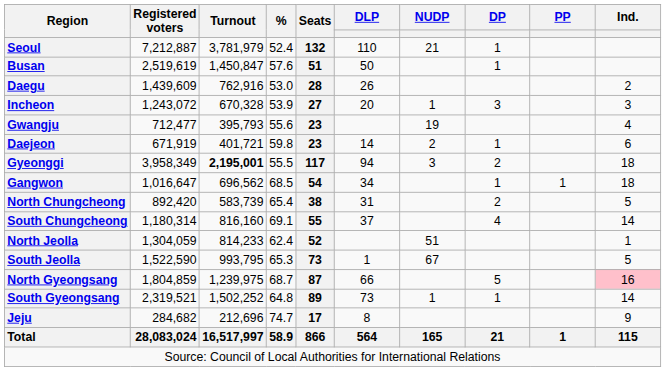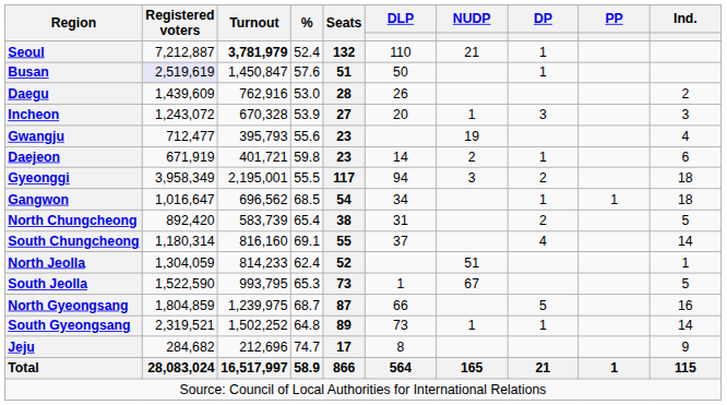 <table class="wikitable" style="text-align:center; font-size: 0.9em">
 <tr>
 <th rowspan="2">Region</th>
 <th rowspan="2" style="width:70px">Registered voters</th>
 <th rowspan="2" style="width:70px">Turnout</th>
 <th rowspan="2">%</th>
 <th rowspan="2">Seats</th>
 <th class="unsortable" style="width:70px"><a href='#'>DLP</a></th>
 <th class="unsortable" style="width:70px"><a href='#'>NUDP</a></th>
 <th class="unsortable" style="width:70px"><a href='#'>DP</a></th>
 <th class="unsortable" style="width:70px"><a href='#'>PP</a></th>
 <th class="unsortable" style="width:70px">Ind.</th>
 </tr>
 <tr>
 <th style="background:"></th>
 <th style="background:"></th>
 <th style="background:"></th>
 <th style="background:"></th>
 <th style="background:"></th>
 </tr>
 <tr>
 <th style="text-align: left"><a href='#'>Seoul</a></th>
 <td style="text-align: right">7,212,887</td>
-<td style="text-align: right">3,781,979</td>
+<td style="text-align: right"><strong>3,781,979</strong></td>
 <td>52.4</td>
 <th>132</th>
 <td>110</td>
 <td>21</td>
 <td>1</td>
 <td></td>
 <td></td>
 </tr>
 <tr>
 <th style="text-align: left"><a href='#'>Busan</a></th>
-<td style="text-align: right">2,519,619</td>
+<td style="background: lavender; text-align: right">2,519,619</td>
 <td style="text-align: right">1,450,847</td>
 <td>57.6</td>
 <th>51</th>
 <td>50</td>
 <td></td>
 <td>1</td>
 <td></td>
 <td></td>
 </tr>
 <tr>
 <th style="text-align: left"><a href='#'>Daegu</a></th>
 <td style="text-align: right">1,439,609</td>
 <td style="text-align: right">762,916</td>
 <td>53.0</td>
 <th>28</th>
 <td>26</td>
 <td></td>
 <td></td>
 <td></td>
 <td>2</td>
 </tr>
 <tr>
 <th style="text-align: left"><a href='#'>Incheon</a></th>
 <td style="text-align: right">1,243,072</td>
 <td style="text-align: right">670,328</td>
 <td>53.9</td>
 <th>27</th>
 <td>20</td>
 <td>1</td>
 <td>3</td>
 <td></td>
 <td>3</td>
 </tr>
 <tr>
 <th style="text-align: left"><a href='#'>Gwangju</a></th>
 <td style="text-align: right">712,477</td>
 <td style="text-align: right">395,793</td>
 <td>55.6</td>
 <th>23</th>
 <td></td>
 <td>19</td>
 <td></td>
 <td></td>
 <td>4</td>
 </tr>
 <tr>
 <th style="text-align: left"><a href='#'>Daejeon</a></th>
 <td style="text-align: right">671,919</td>
 <td style="text-align: right">401,721</td>
 <td>59.8</td>
 <th>23</th>
 <td>14</td>
 <td>2</td>
 <td>1</td>
 <td></td>
 <td>6</td>
 </tr>
 <tr>
 <th style="text-align: left"><a href='#'>Gyeonggi</a></th>
 <td style="text-align: right">3,958,349</td>
-<td style="text-align: right"><strong>2,195,001</strong></td>
+<td style="text-align: right">2,195,001</td>
 <td>55.5</td>
 <th>117</th>
 <td>94</td>
 <td>3</td>
 <td>2</td>
 <td></td>
 <td>18</td>
 </tr>
 <tr>
 <th style="text-align: left"><a href='#'>Gangwon</a></th>
 <td style="text-align: right">1,016,647</td>
 <td style="text-align: right">696,562</td>
 <td>68.5</td>
 <th>54</th>
 <td>34</td>
 <td></td>
 <td>1</td>
 <td>1</td>
 <td>18</td>
 </tr>
 <tr>
 <th style="text-align: left"><a href='#'>North Chungcheong</a></th>
 <td style="text-align: right">892,420</td>
 <td style="text-align: right">583,739</td>
 <td>65.4</td>
 <th>38</th>
 <td>31</td>
 <td></td>
 <td>2</td>
 <td></td>
 <td>5</td>
 </tr>
 <tr>
 <th style="text-align: left"><a href='#'>South Chungcheong</a></th>
 <td style="text-align: right">1,180,314</td>
 <td style="text-align: right">816,160</td>
 <td>69.1</td>
 <th>55</th>
 <td>37</td>
 <td></td>
 <td>4</td>
 <td></td>
 <td>14</td>
 </tr>
 <tr>
 <th style="text-align: left"><a href='#'>North Jeolla</a></th>
 <td style="text-align: right">1,304,059</td>
 <td style="text-align: right">814,233</td>
 <td>62.4</td>
 <th>52</th>
 <td></td>
 <td>51</td>
 <td></td>
 <td></td>
 <td>1</td>
 </tr>
 <tr>
 <th style="text-align: left"><a href='#'>South Jeolla</a></th>
 <td style="text-align: right">1,522,590</td>
 <td style="text-align: right">993,795</td>
 <td>65.3</td>
 <th>73</th>
 <td>1</td>
 <td>67</td>
 <td></td>
 <td></td>
 <td>5</td>
 </tr>
 <tr>
 <th style="text-align: left"><a href='#'>North Gyeongsang</a></th>
 <td style="text-align: right">1,804,859</td>
 <td style="text-align: right">1,239,975</td>
 <td>68.7</td>
 <th>87</th>
 <td>66</td>
 <td></td>
 <td>5</td>
 <td></td>
-<td style="background: pink;">16</td>
+<td>16</td>
 </tr>
 <tr>
 <th style="text-align: left"><a href='#'>South Gyeongsang</a></th>
 <td style="text-align: right">2,319,521</td>
 <td style="text-align: right">1,502,252</td>
 <td>64.8</td>
 <th>89</th>
 <td>73</td>
 <td>1</td>
 <td>1</td>
 <td></td>
 <td>14</td>
 </tr>
 <tr>
 <th style="text-align: left"><a href='#'>Jeju</a></th>
 <td style="text-align: right">284,682</td>
 <td style="text-align: right">212,696</td>
 <td>74.7</td>
 <th>17</th>
 <td>8</td>
 <td></td>
 <td></td>
 <td></td>
 <td>9</td>
 </tr>
 <tr class="sortbottom">
 <th style="text-align: left">Total</th>
 <th style="text-align: right">28,083,024</th>
 <th style="text-align: right">16,517,997</th>
 <th>58.9</th>
 <th>866</th>
 <th>564</th>
 <th>165</th>
 <th>21</th>
 <th>1</th>
 <th>115</th>
 </tr>
 <tr>
 <td colspan="10">Source: Council of Local Authorities for International Relations</td>
 </tr>
 </table>
